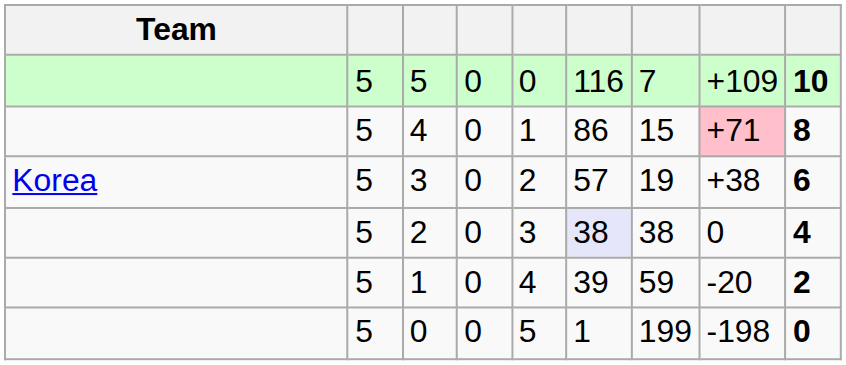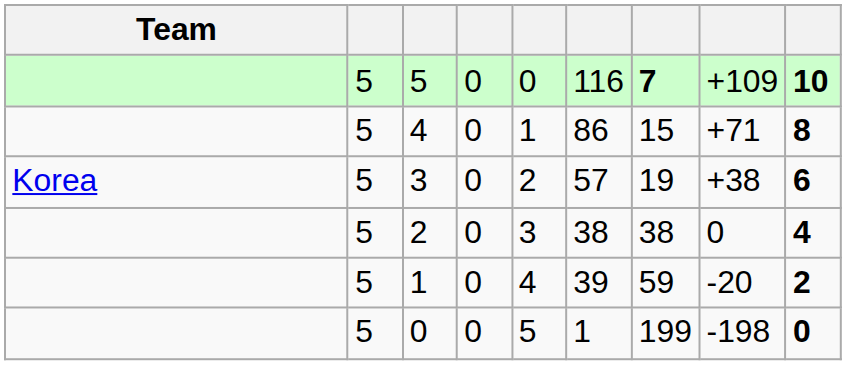 <table class="wikitable">
 <tr>
 <th width=165>Team</th>
 <th width=20></th>
 <th width=20></th>
 <th width=20></th>
 <th width=20></th>
 <th width=20></th>
 <th width=20></th>
 <th width=20></th>
 <th width=20></th>
 </tr>
 <tr style="background:#cfc;">
 <td style="text-align:left;"></td>
 <td>5</td>
 <td>5</td>
 <td>0</td>
 <td>0</td>
 <td>116</td>
-<td>7</td>
+<td><strong>7</strong></td>
 <td>+109</td>
 <td><strong>10</strong></td>
 </tr>
 <tr>
 <td style="text-align:left;"></td>
 <td>5</td>
 <td>4</td>
 <td>0</td>
 <td>1</td>
 <td>86</td>
 <td>15</td>
-<td style="background: pink;">+71</td>
+<td>+71</td>
 <td><strong>8</strong></td>
 </tr>
 <tr>
 <td style="text-align:left;"> <a href='#'>Korea</a></td>
 <td>5</td>
 <td>3</td>
 <td>0</td>
 <td>2</td>
 <td>57</td>
 <td>19</td>
 <td>+38</td>
 <td><strong>6</strong></td>
 </tr>
 <tr>
 <td style="text-align:left;"></td>
 <td>5</td>
 <td>2</td>
 <td>0</td>
 <td>3</td>
-<td style="background: lavender;">38</td>
+<td>38</td>
 <td>38</td>
 <td>0</td>
 <td><strong>4</strong></td>
 </tr>
 <tr>
 <td style="text-align:left;"></td>
 <td>5</td>
 <td>1</td>
 <td>0</td>
 <td>4</td>
 <td>39</td>
 <td>59</td>
 <td>-20</td>
 <td><strong>2</strong></td>
 </tr>
 <tr>
 <td style="text-align:left;"></td>
 <td>5</td>
 <td>0</td>
 <td>0</td>
 <td>5</td>
 <td>1</td>
 <td>199</td>
 <td>-198</td>
 <td><strong>0</strong></td>
 </tr>
 </table>
